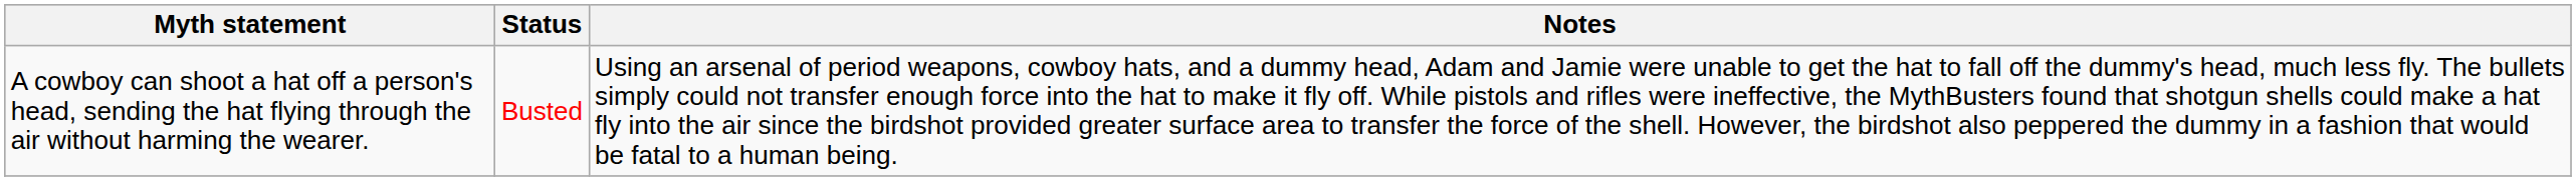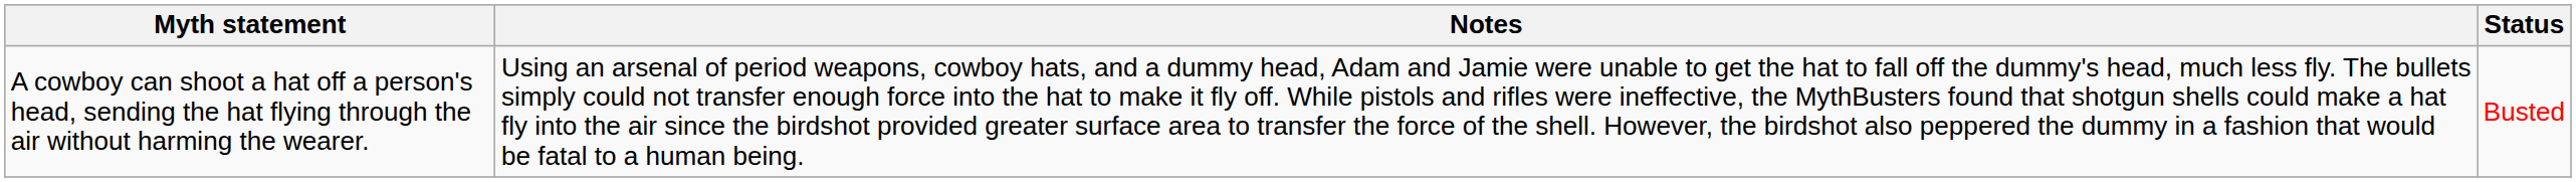 <table class="wikitable plainrowheaders">
 <tr>
 <th>Myth statement</th>
+<th>Notes</th>
 <th>Status</th>
-<th>Notes</th>
 </tr>
 <tr>
 <td>A cowboy can shoot a hat off a person's head, sending the hat flying through the air without harming the wearer.</td>
+<td>Using an arsenal of period weapons, cowboy hats, and a dummy head, Adam and Jamie were unable to get the hat to fall off the dummy's head, much less fly. The bullets simply could not transfer enough force into the hat to make it fly off. While pistols and rifles were ineffective, the MythBusters found that shotgun shells could make a hat fly into the air since the birdshot provided greater surface area to transfer the force of the shell. However, the birdshot also peppered the dummy in a fashion that would be fatal to a human being.</td>
 <td style="color:red">Busted</td>
-<td>Using an arsenal of period weapons, cowboy hats, and a dummy head, Adam and Jamie were unable to get the hat to fall off the dummy's head, much less fly. The bullets simply could not transfer enough force into the hat to make it fly off. While pistols and rifles were ineffective, the MythBusters found that shotgun shells could make a hat fly into the air since the birdshot provided greater surface area to transfer the force of the shell. However, the birdshot also peppered the dummy in a fashion that would be fatal to a human being.</td>
 </tr>
 </table>
